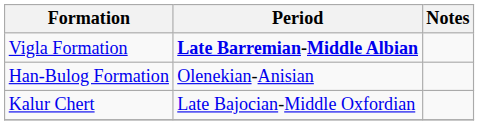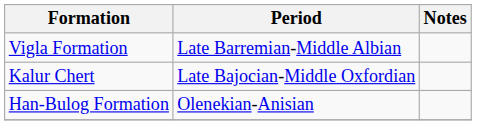 <table class="wikitable sortable">
 <tr>
 <th>Formation</th>
 <th>Period</th>
 <th class="unsortable">Notes</th>
 </tr>
 <tr>
 <td><a href='#'>Vigla Formation</a></td>
-<td style="background-color: "><strong><a href='#'>Late Barremian</a>-<a href='#'>Middle Albian</a></strong></td>
+<td style="background-color: "><a href='#'>Late Barremian</a>-<a href='#'>Middle Albian</a></td>
+<td align=center></td>
+</tr>
+<tr>
+<td><a href='#'>Kalur Chert</a></td>
+<td style="background-color: "><a href='#'>Late Bajocian</a>-<a href='#'>Middle Oxfordian</a></td>
 <td align=center></td>
 </tr>
 <tr>
 <td><a href='#'>Han-Bulog Formation</a></td>
 <td style="background-color: "><a href='#'>Olenekian</a>-<a href='#'>Anisian</a></td>
 <td align=center></td>
 </tr>
 <tr>
-<td><a href='#'>Kalur Chert</a></td>
-<td style="background-color: "><a href='#'>Late Bajocian</a>-<a href='#'>Middle Oxfordian</a></td>
-<td align=center></td>
-</tr>
-<tr>
 </tr>
 </table>
